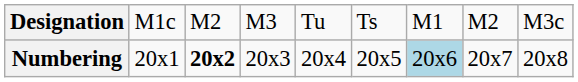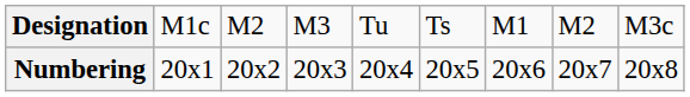 <table class="wikitable">
 <tr>
 <th>Designation</th>
 <td>M1c</td>
 <td>M2</td>
 <td>M3</td>
 <td>Tu</td>
 <td>Ts</td>
 <td>M1</td>
 <td>M2</td>
 <td>M3c</td>
 </tr>
 <tr>
 <th>Numbering</th>
 <td>20x1</td>
-<td><strong>20x2</strong></td>
+<td>20x2</td>
 <td>20x3</td>
 <td>20x4</td>
 <td>20x5</td>
-<td style="background: lightblue;">20x6</td>
+<td>20x6</td>
 <td>20x7</td>
 <td>20x8</td>
 </tr>
 </table>
